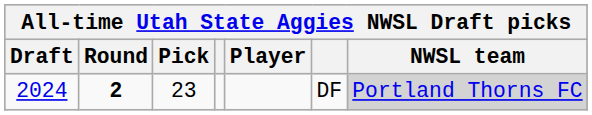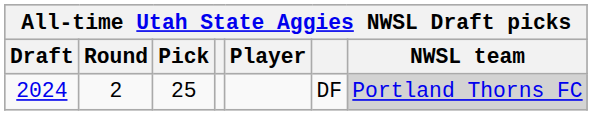 <table class="wikitable sortable" style="text-align: center;">
 <tr>
 <th colspan="7" style="background:#">All-time <a href='#'><span>Utah State Aggies</span></a> NWSL Draft picks</th>
 </tr>
 <tr>
 <th scope="col">Draft</th>
 <th scope="col">Round</th>
 <th scope="col">Pick</th>
 <th scope="col"></th>
 <th scope="col">Player</th>
 <th scope="col"></th>
 <th scope="col">NWSL team</th>
 </tr>
 <tr>
 <td><a href='#'>2024</a></td>
-<td><strong>2</strong></td>
-<td>23</td>
+<td>2</td>
+<td>25</td>
 <td></td>
 <td></td>
 <td>DF</td>
 <td style="background: lightgrey;"><a href='#'>Portland Thorns FC</a></td>
 </tr>
 </table>
